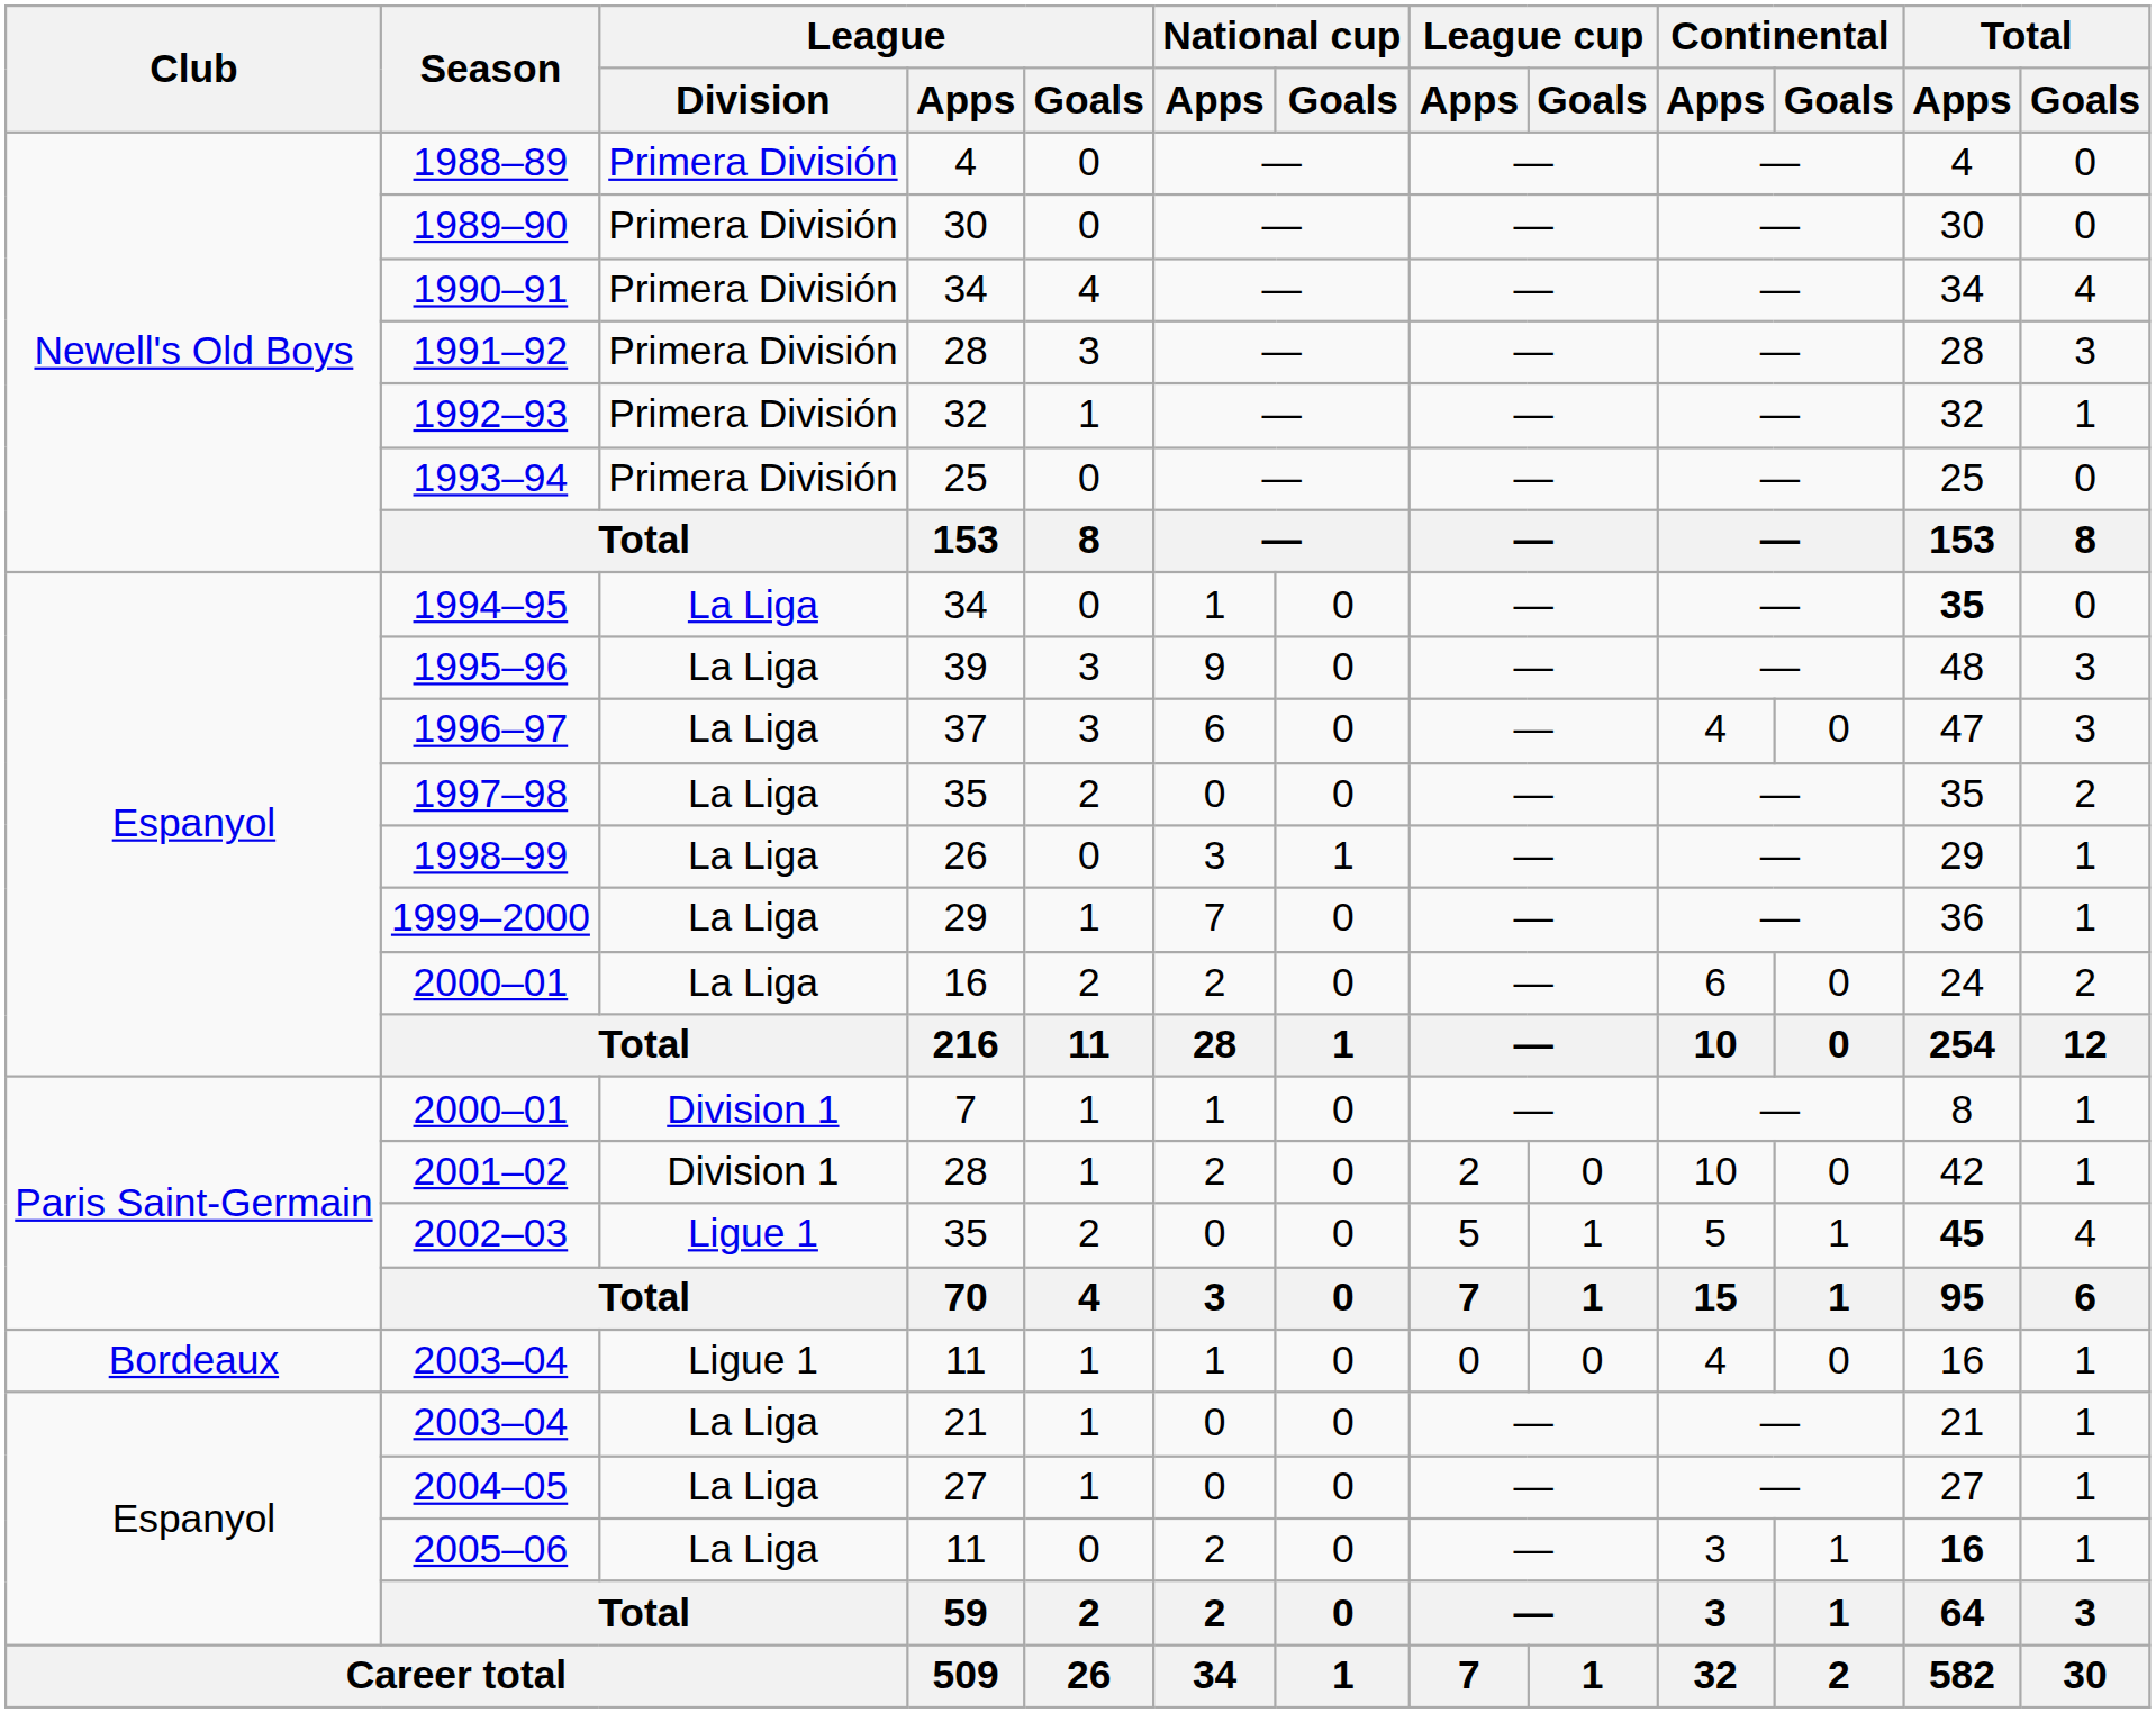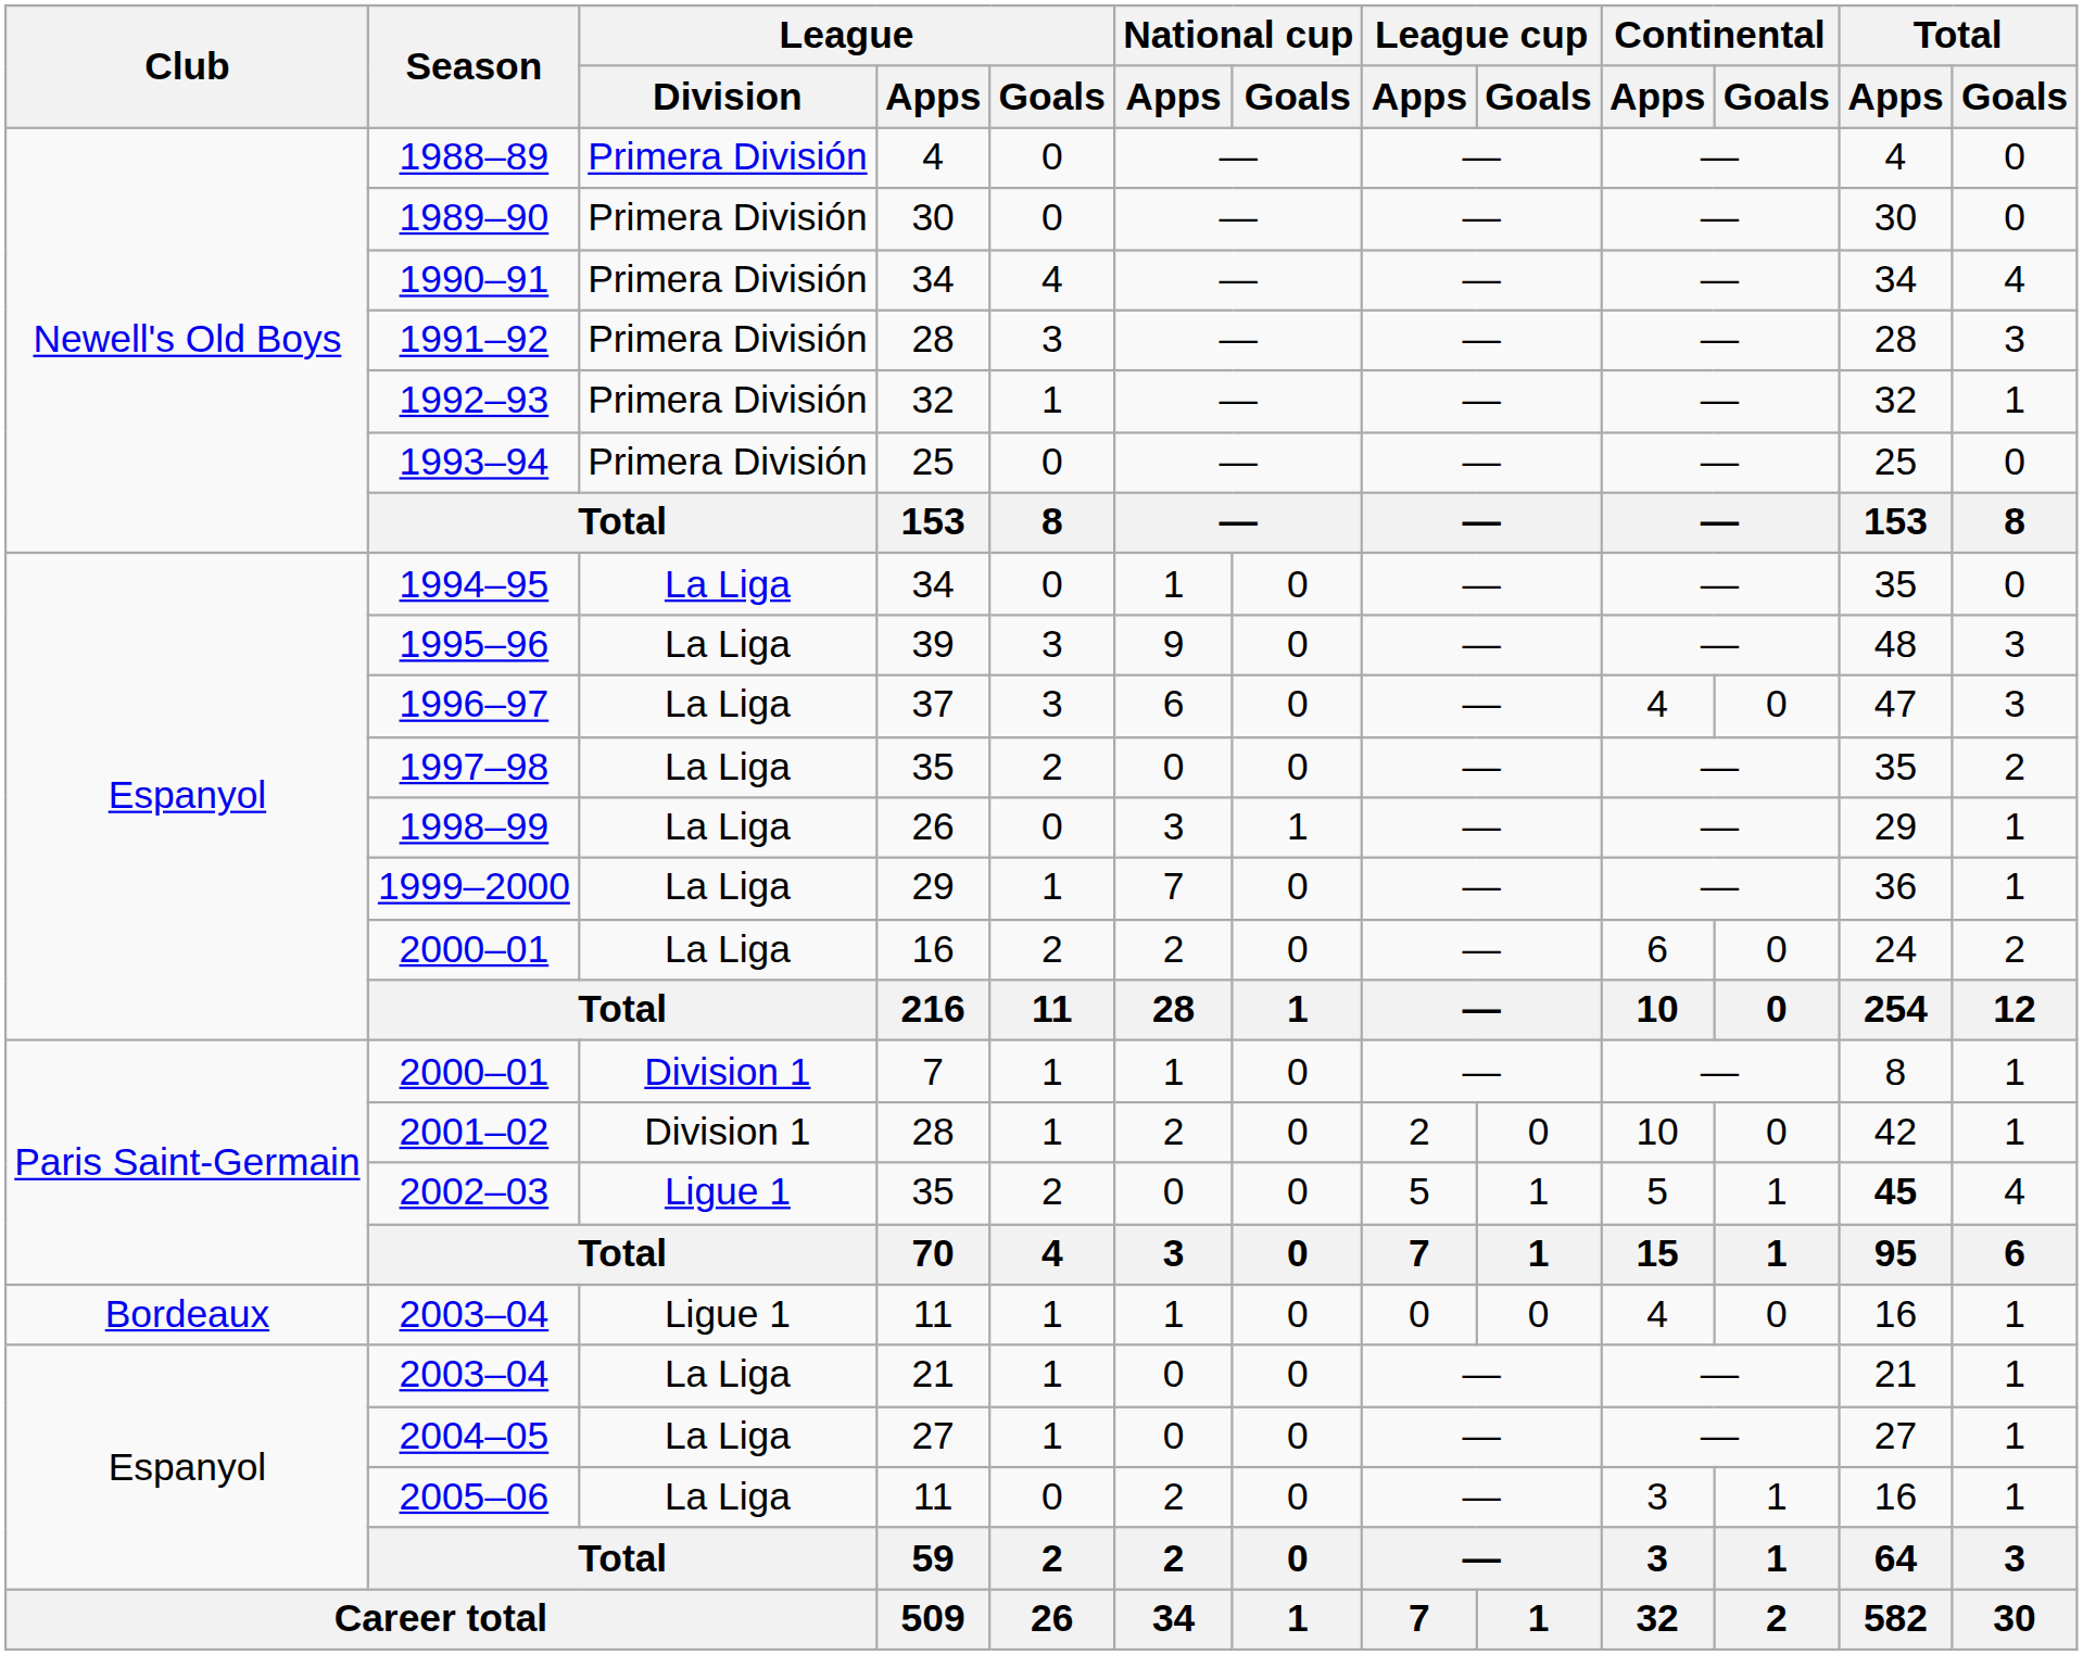 <table class="wikitable" style="text-align: center;">
 <tr>
 <th rowspan=2>Club</th>
 <th rowspan=2>Season</th>
 <th colspan=3>League</th>
 <th colspan=2>National cup</th>
 <th colspan=2>League cup</th>
 <th colspan=2>Continental</th>
 <th colspan=2>Total</th>
 </tr>
 <tr>
 <th>Division</th>
 <th>Apps</th>
 <th>Goals</th>
 <th>Apps</th>
 <th>Goals</th>
 <th>Apps</th>
 <th>Goals</th>
 <th>Apps</th>
 <th>Goals</th>
 <th>Apps</th>
 <th>Goals</th>
 </tr>
 <tr>
 <td rowspan=7><a href='#'>Newell's Old Boys</a></td>
 <td><a href='#'>1988–89</a></td>
 <td><a href='#'>Primera División</a></td>
 <td>4</td>
 <td>0</td>
 <td colspan=2>—</td>
 <td colspan=2>—</td>
 <td colspan=2>—</td>
 <td>4</td>
 <td>0</td>
 </tr>
 <tr>
 <td><a href='#'>1989–90</a></td>
 <td>Primera División</td>
 <td>30</td>
 <td>0</td>
 <td colspan=2>—</td>
 <td colspan=2>—</td>
 <td colspan=2>—</td>
 <td>30</td>
 <td>0</td>
 </tr>
 <tr>
 <td><a href='#'>1990–91</a></td>
 <td>Primera División</td>
 <td>34</td>
 <td>4</td>
 <td colspan=2>—</td>
 <td colspan=2>—</td>
 <td colspan=2>—</td>
 <td>34</td>
 <td>4</td>
 </tr>
 <tr>
 <td><a href='#'>1991–92</a></td>
 <td>Primera División</td>
 <td>28</td>
 <td>3</td>
 <td colspan=2>—</td>
 <td colspan=2>—</td>
 <td colspan=2>—</td>
 <td>28</td>
 <td>3</td>
 </tr>
 <tr>
 <td><a href='#'>1992–93</a></td>
 <td>Primera División</td>
 <td>32</td>
 <td>1</td>
 <td colspan=2>—</td>
 <td colspan=2>—</td>
 <td colspan=2>—</td>
 <td>32</td>
 <td>1</td>
 </tr>
 <tr>
 <td><a href='#'>1993–94</a></td>
 <td>Primera División</td>
 <td>25</td>
 <td>0</td>
 <td colspan=2>—</td>
 <td colspan=2>—</td>
 <td colspan=2>—</td>
 <td>25</td>
 <td>0</td>
 </tr>
 <tr>
 <th colspan=2>Total</th>
 <th>153</th>
 <th>8</th>
 <th colspan=2>—</th>
 <th colspan=2>—</th>
 <th colspan=2>—</th>
 <th>153</th>
 <th>8</th>
 </tr>
 <tr>
 <td rowspan=8><a href='#'>Espanyol</a></td>
 <td><a href='#'>1994–95</a></td>
 <td><a href='#'>La Liga</a></td>
 <td>34</td>
 <td>0</td>
 <td>1</td>
 <td>0</td>
 <td colspan=2>—</td>
 <td colspan=2>—</td>
-<td><strong>35</strong></td>
+<td>35</td>
 <td>0</td>
 </tr>
 <tr>
 <td><a href='#'>1995–96</a></td>
 <td>La Liga</td>
 <td>39</td>
 <td>3</td>
 <td>9</td>
 <td>0</td>
 <td colspan=2>—</td>
 <td colspan=2>—</td>
 <td>48</td>
 <td>3</td>
 </tr>
 <tr>
 <td><a href='#'>1996–97</a></td>
 <td>La Liga</td>
 <td>37</td>
 <td>3</td>
 <td>6</td>
 <td>0</td>
 <td colspan=2>—</td>
 <td>4</td>
 <td>0</td>
 <td>47</td>
 <td>3</td>
 </tr>
 <tr>
 <td><a href='#'>1997–98</a></td>
 <td>La Liga</td>
 <td>35</td>
 <td>2</td>
 <td>0</td>
 <td>0</td>
 <td colspan=2>—</td>
 <td colspan=2>—</td>
 <td>35</td>
 <td>2</td>
 </tr>
 <tr>
 <td><a href='#'>1998–99</a></td>
 <td>La Liga</td>
 <td>26</td>
 <td>0</td>
 <td>3</td>
 <td>1</td>
 <td colspan=2>—</td>
 <td colspan=2>—</td>
 <td>29</td>
 <td>1</td>
 </tr>
 <tr>
 <td><a href='#'>1999–2000</a></td>
 <td>La Liga</td>
 <td>29</td>
 <td>1</td>
 <td>7</td>
 <td>0</td>
 <td colspan=2>—</td>
 <td colspan=2>—</td>
 <td>36</td>
 <td>1</td>
 </tr>
 <tr>
 <td><a href='#'>2000–01</a></td>
 <td>La Liga</td>
 <td>16</td>
 <td>2</td>
 <td>2</td>
 <td>0</td>
 <td colspan=2>—</td>
 <td>6</td>
 <td>0</td>
 <td>24</td>
 <td>2</td>
 </tr>
 <tr>
 <th colspan=2>Total</th>
 <th>216</th>
 <th>11</th>
 <th>28</th>
 <th>1</th>
 <th colspan=2>—</th>
 <th>10</th>
 <th>0</th>
 <th>254</th>
 <th>12</th>
 </tr>
 <tr>
 <td rowspan=4><a href='#'>Paris Saint-Germain</a></td>
 <td><a href='#'>2000–01</a></td>
 <td><a href='#'>Division 1</a></td>
 <td>7</td>
 <td>1</td>
 <td>1</td>
 <td>0</td>
 <td colspan=2>—</td>
 <td colspan=2>—</td>
 <td>8</td>
 <td>1</td>
 </tr>
 <tr>
 <td><a href='#'>2001–02</a></td>
 <td>Division 1</td>
 <td>28</td>
 <td>1</td>
 <td>2</td>
 <td>0</td>
 <td>2</td>
 <td>0</td>
 <td>10</td>
 <td>0</td>
 <td>42</td>
 <td>1</td>
 </tr>
 <tr>
 <td><a href='#'>2002–03</a></td>
 <td><a href='#'>Ligue 1</a></td>
 <td>35</td>
 <td>2</td>
 <td>0</td>
 <td>0</td>
 <td>5</td>
 <td>1</td>
 <td>5</td>
 <td>1</td>
 <td><strong>45</strong></td>
 <td>4</td>
 </tr>
 <tr>
 <th colspan=2>Total</th>
 <th>70</th>
 <th>4</th>
 <th>3</th>
 <th>0</th>
 <th>7</th>
 <th>1</th>
 <th>15</th>
 <th>1</th>
 <th>95</th>
 <th>6</th>
 </tr>
 <tr>
 <td><a href='#'>Bordeaux</a></td>
 <td><a href='#'>2003–04</a></td>
 <td>Ligue 1</td>
 <td>11</td>
 <td>1</td>
 <td>1</td>
 <td>0</td>
 <td>0</td>
 <td>0</td>
 <td>4</td>
 <td>0</td>
 <td>16</td>
 <td>1</td>
 </tr>
 <tr>
 <td rowspan=4>Espanyol</td>
 <td><a href='#'>2003–04</a></td>
 <td>La Liga</td>
 <td>21</td>
 <td>1</td>
 <td>0</td>
 <td>0</td>
 <td colspan=2>—</td>
 <td colspan=2>—</td>
 <td>21</td>
 <td>1</td>
 </tr>
 <tr>
 <td><a href='#'>2004–05</a></td>
 <td>La Liga</td>
 <td>27</td>
 <td>1</td>
 <td>0</td>
 <td>0</td>
 <td colspan=2>—</td>
 <td colspan=2>—</td>
 <td>27</td>
 <td>1</td>
 </tr>
 <tr>
 <td><a href='#'>2005–06</a></td>
 <td>La Liga</td>
 <td>11</td>
 <td>0</td>
 <td>2</td>
 <td>0</td>
 <td colspan=2>—</td>
 <td>3</td>
 <td>1</td>
-<td><strong>16</strong></td>
+<td>16</td>
 <td>1</td>
 </tr>
 <tr>
 <th colspan=2>Total</th>
 <th>59</th>
 <th>2</th>
 <th>2</th>
 <th>0</th>
 <th colspan=2>—</th>
 <th>3</th>
 <th>1</th>
 <th>64</th>
 <th>3</th>
 </tr>
 <tr>
 <th colspan=3>Career total</th>
 <th>509</th>
 <th>26</th>
 <th>34</th>
 <th>1</th>
 <th>7</th>
 <th>1</th>
 <th>32</th>
 <th>2</th>
 <th>582</th>
 <th>30</th>
 </tr>
 </table>
